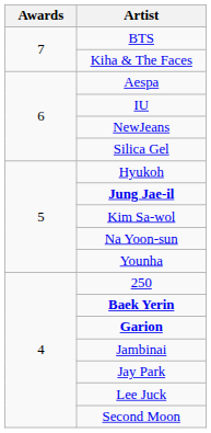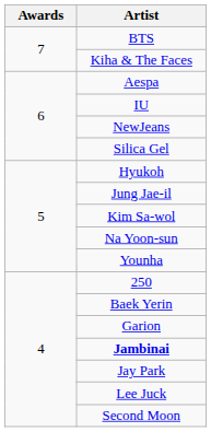 <table class="wikitable plainrowheaders" style="text-align: center">
 <tr>
 <th width="75">Awards</th>
 <th width="140">Artist</th>
 </tr>
 <tr>
 <td rowspan="2">7</td>
 <td><a href='#'>BTS</a></td>
 </tr>
 <tr>
 <td><a href='#'>Kiha & The Faces</a></td>
 </tr>
 <tr>
 <td rowspan="4">6</td>
 <td><a href='#'>Aespa</a></td>
 </tr>
 <tr>
 <td><a href='#'>IU</a></td>
 </tr>
 <tr>
 <td><a href='#'>NewJeans</a></td>
 </tr>
 <tr>
 <td><a href='#'>Silica Gel</a></td>
 </tr>
 <tr>
 <td rowspan="5">5</td>
 <td><a href='#'>Hyukoh</a></td>
 </tr>
 <tr>
-<td><strong><a href='#'>Jung Jae-il</a></strong></td>
+<td><a href='#'>Jung Jae-il</a></td>
 </tr>
 <tr>
 <td><a href='#'>Kim Sa-wol</a></td>
 </tr>
 <tr>
 <td><a href='#'>Na Yoon-sun</a></td>
 </tr>
 <tr>
 <td><a href='#'>Younha</a></td>
 </tr>
 <tr>
 <td rowspan="7">4</td>
 <td><a href='#'>250</a></td>
 </tr>
 <tr>
-<td><strong><a href='#'>Baek Yerin</a></strong></td>
+<td><a href='#'>Baek Yerin</a></td>
 </tr>
 <tr>
-<td><strong><a href='#'>Garion</a></strong></td>
+<td><a href='#'>Garion</a></td>
 </tr>
 <tr>
-<td><a href='#'>Jambinai</a></td>
+<td><strong><a href='#'>Jambinai</a></strong></td>
 </tr>
 <tr>
 <td><a href='#'>Jay Park</a></td>
 </tr>
 <tr>
 <td><a href='#'>Lee Juck</a></td>
 </tr>
 <tr>
 <td><a href='#'>Second Moon</a></td>
 </tr>
 </table>
